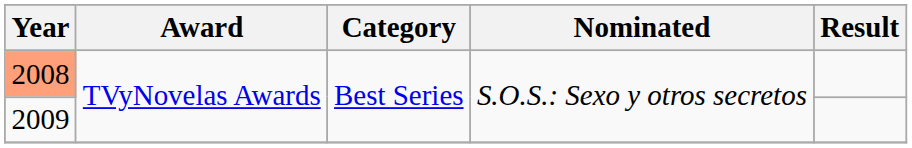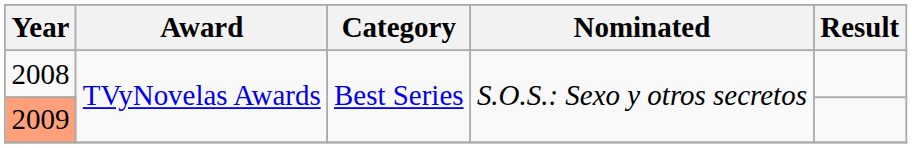 <table class="wikitable plainrowheaders">
 <tr>
 <th scope="col">Year</th>
 <th scope="col">Award</th>
 <th scope="col">Category</th>
 <th scope="col">Nominated</th>
 <th scope="col">Result</th>
 </tr>
 <tr>
-<td rowspan="1" style="background: lightsalmon;">2008</td>
+<td rowspan="1">2008</td>
 <td rowspan="2"><a href='#'>TVyNovelas Awards</a></td>
 <td rowspan="2"><a href='#'>Best Series</a></td>
 <td rowspan="2"><em>S.O.S.: Sexo y otros secretos</em></td>
 <td></td>
 </tr>
 <tr>
-<td rowspan="1">2009</td>
+<td rowspan="1" style="background: lightsalmon;">2009</td>
 <td></td>
 </tr>
 <tr>
 </tr>
 </table>
